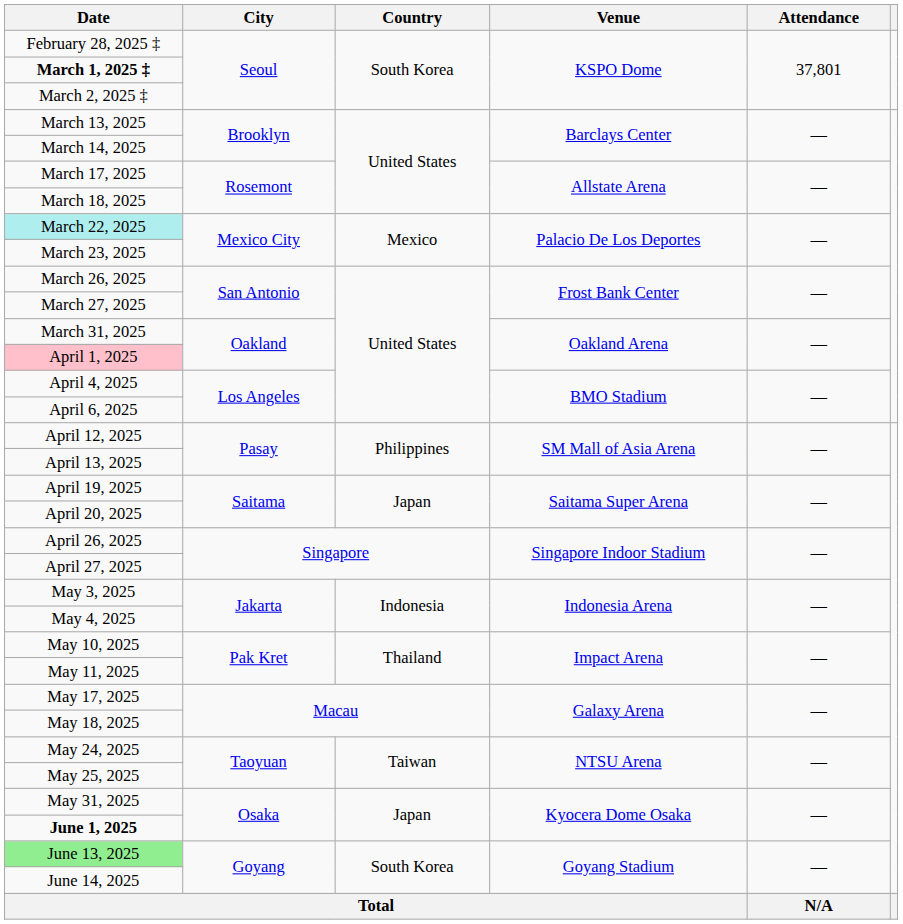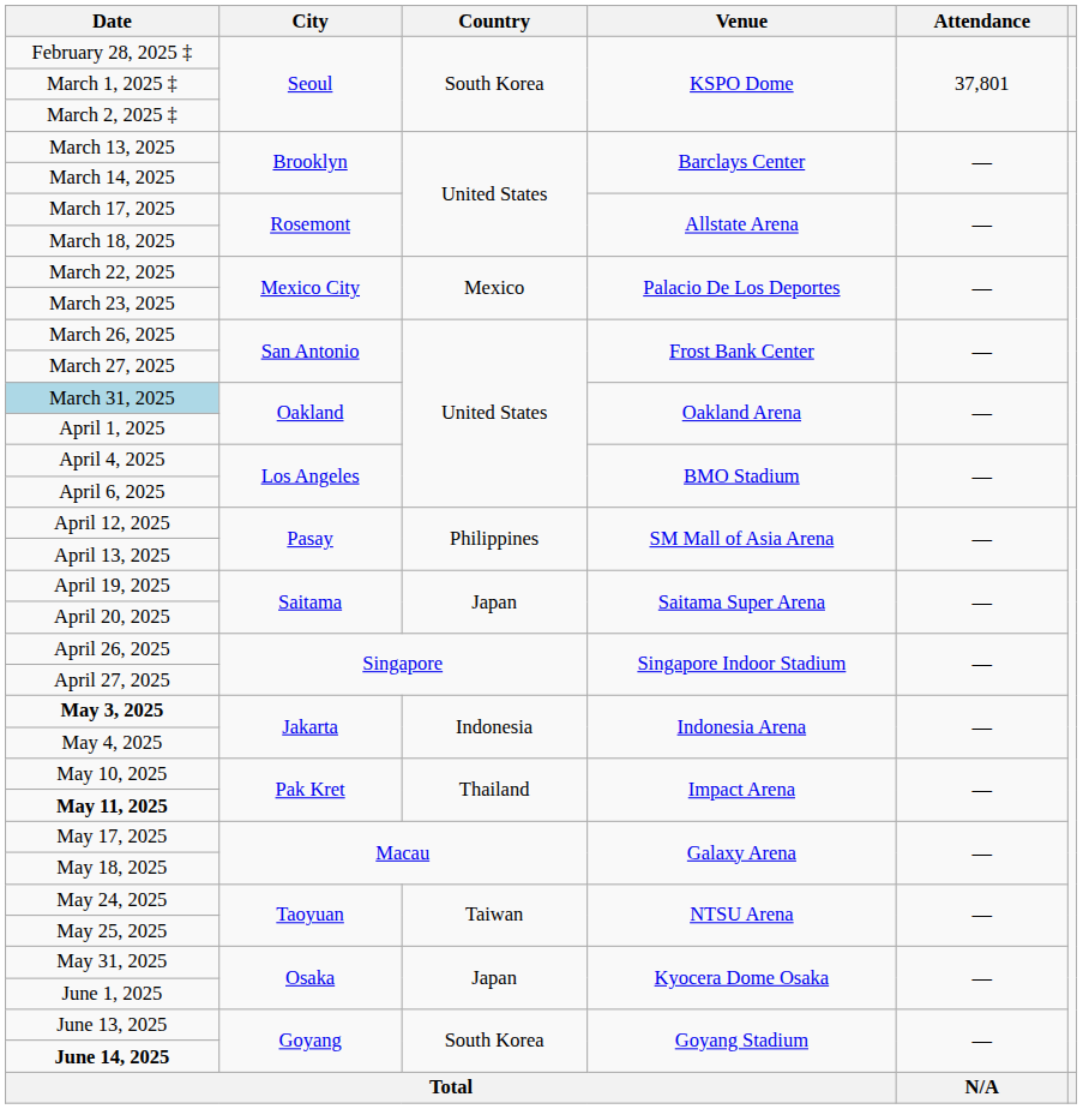 <table class="wikitable" style="text-align:center;">
 <tr>
 <th scope="col" style="width:12em;">Date</th>
 <th scope="col" style="width:10em;">City</th>
 <th scope="col" style="width:10em;">Country</th>
 <th scope="col" style="width:18em;">Venue</th>
 <th scope="col" style="width:9em;">Attendance</th>
 <th class="unsortable" scope="col"></th>
 </tr>
 <tr>
 <td>February 28, 2025 ‡</td>
 <td rowspan="3"><a href='#'>Seoul</a></td>
 <td rowspan="3">South Korea</td>
 <td rowspan="3"><a href='#'>KSPO Dome</a></td>
 <td rowspan="3">37,801</td>
 <td rowspan="3"></td>
 </tr>
 <tr>
-<td><strong>March 1, 2025 ‡</strong></td>
+<td>March 1, 2025 ‡</td>
 </tr>
 <tr>
 <td>March 2, 2025 ‡</td>
 </tr>
 <tr>
 <td>March 13, 2025</td>
 <td rowspan="2"><a href='#'>Brooklyn</a></td>
 <td rowspan="4">United States</td>
 <td rowspan="2"><a href='#'>Barclays Center</a></td>
 <td rowspan="2">—</td>
 <td rowspan="12"></td>
 </tr>
 <tr>
 <td>March 14, 2025</td>
 </tr>
 <tr>
 <td>March 17, 2025</td>
 <td rowspan="2"><a href='#'>Rosemont</a></td>
 <td rowspan="2"><a href='#'>Allstate Arena</a></td>
 <td rowspan="2">—</td>
 </tr>
 <tr>
 <td>March 18, 2025</td>
 </tr>
 <tr>
-<td style="background: paleturquoise;">March 22, 2025</td>
+<td>March 22, 2025</td>
 <td rowspan="2"><a href='#'>Mexico City</a></td>
 <td rowspan="2">Mexico</td>
 <td rowspan="2"><a href='#'>Palacio De Los Deportes</a></td>
 <td rowspan="2">—</td>
 </tr>
 <tr>
 <td>March 23, 2025</td>
 </tr>
 <tr>
 <td>March 26, 2025</td>
 <td rowspan="2"><a href='#'>San Antonio</a></td>
 <td rowspan="6">United States</td>
 <td rowspan="2"><a href='#'>Frost Bank Center</a></td>
 <td rowspan="2">—</td>
 </tr>
 <tr>
 <td>March 27, 2025</td>
 </tr>
 <tr>
-<td>March 31, 2025</td>
+<td style="background: lightblue;">March 31, 2025</td>
 <td rowspan="2"><a href='#'>Oakland</a></td>
 <td rowspan="2"><a href='#'>Oakland Arena</a></td>
 <td rowspan="2">—</td>
 </tr>
 <tr>
-<td style="background: pink;">April 1, 2025</td>
+<td>April 1, 2025</td>
 </tr>
 <tr>
 <td>April 4, 2025</td>
 <td rowspan="2"><a href='#'>Los Angeles</a></td>
 <td rowspan="2"><a href='#'>BMO Stadium</a></td>
 <td rowspan="2">—</td>
 </tr>
 <tr>
 <td>April 6, 2025</td>
 </tr>
 <tr>
 <td>April 12, 2025</td>
 <td rowspan="2"><a href='#'>Pasay</a></td>
 <td rowspan="2">Philippines</td>
 <td rowspan="2"><a href='#'>SM Mall of Asia Arena</a></td>
 <td rowspan="2">—</td>
 <td rowspan="18"></td>
 </tr>
 <tr>
 <td>April 13, 2025</td>
 </tr>
 <tr>
 <td>April 19, 2025</td>
 <td rowspan="2"><a href='#'>Saitama</a></td>
 <td rowspan="2">Japan</td>
 <td rowspan="2"><a href='#'>Saitama Super Arena</a></td>
 <td rowspan="2">—</td>
 </tr>
 <tr>
 <td>April 20, 2025</td>
 </tr>
 <tr>
 <td>April 26, 2025</td>
 <td colspan="2" rowspan="2"><a href='#'>Singapore</a></td>
 <td rowspan="2"><a href='#'>Singapore Indoor Stadium</a></td>
 <td rowspan="2">—</td>
 </tr>
 <tr>
 <td>April 27, 2025</td>
 </tr>
 <tr>
-<td>May 3, 2025</td>
+<td><strong>May 3, 2025</strong></td>
 <td rowspan="2"><a href='#'>Jakarta</a></td>
 <td rowspan="2">Indonesia</td>
 <td rowspan="2"><a href='#'>Indonesia Arena</a></td>
 <td rowspan="2">—</td>
 </tr>
 <tr>
 <td>May 4, 2025</td>
 </tr>
 <tr>
 <td>May 10, 2025</td>
 <td rowspan="2"><a href='#'>Pak Kret</a></td>
 <td rowspan="2">Thailand</td>
 <td rowspan="2"><a href='#'>Impact Arena</a></td>
 <td rowspan="2">—</td>
 </tr>
 <tr>
-<td>May 11, 2025</td>
+<td><strong>May 11, 2025</strong></td>
 </tr>
 <tr>
 <td>May 17, 2025</td>
 <td colspan="2" rowspan="2"><a href='#'>Macau</a></td>
 <td rowspan="2"><a href='#'>Galaxy Arena</a></td>
 <td rowspan="2">—</td>
 </tr>
 <tr>
 <td>May 18, 2025</td>
 </tr>
 <tr>
 <td>May 24, 2025</td>
 <td rowspan="2"><a href='#'>Taoyuan</a></td>
 <td rowspan="2">Taiwan</td>
 <td rowspan="2"><a href='#'>NTSU Arena</a></td>
 <td rowspan="2">—</td>
 </tr>
 <tr>
 <td>May 25, 2025</td>
 </tr>
 <tr>
 <td>May 31, 2025</td>
 <td rowspan="2"><a href='#'>Osaka</a></td>
 <td rowspan="2">Japan</td>
 <td rowspan="2"><a href='#'>Kyocera Dome Osaka</a></td>
 <td rowspan="2">—</td>
 </tr>
 <tr>
-<td><strong>June 1, 2025</strong></td>
+<td>June 1, 2025</td>
 </tr>
 <tr>
-<td style="background: lightgreen;">June 13, 2025</td>
+<td>June 13, 2025</td>
 <td rowspan="2"><a href='#'>Goyang</a></td>
 <td rowspan="2">South Korea</td>
 <td rowspan="2"><a href='#'>Goyang Stadium</a></td>
 <td rowspan="2">—</td>
 </tr>
 <tr>
-<td>June 14, 2025</td>
+<td><strong>June 14, 2025</strong></td>
 </tr>
 <tr>
 <th colspan="4">Total</th>
 <th>N/A</th>
 <th></th>
 </tr>
 </table>
